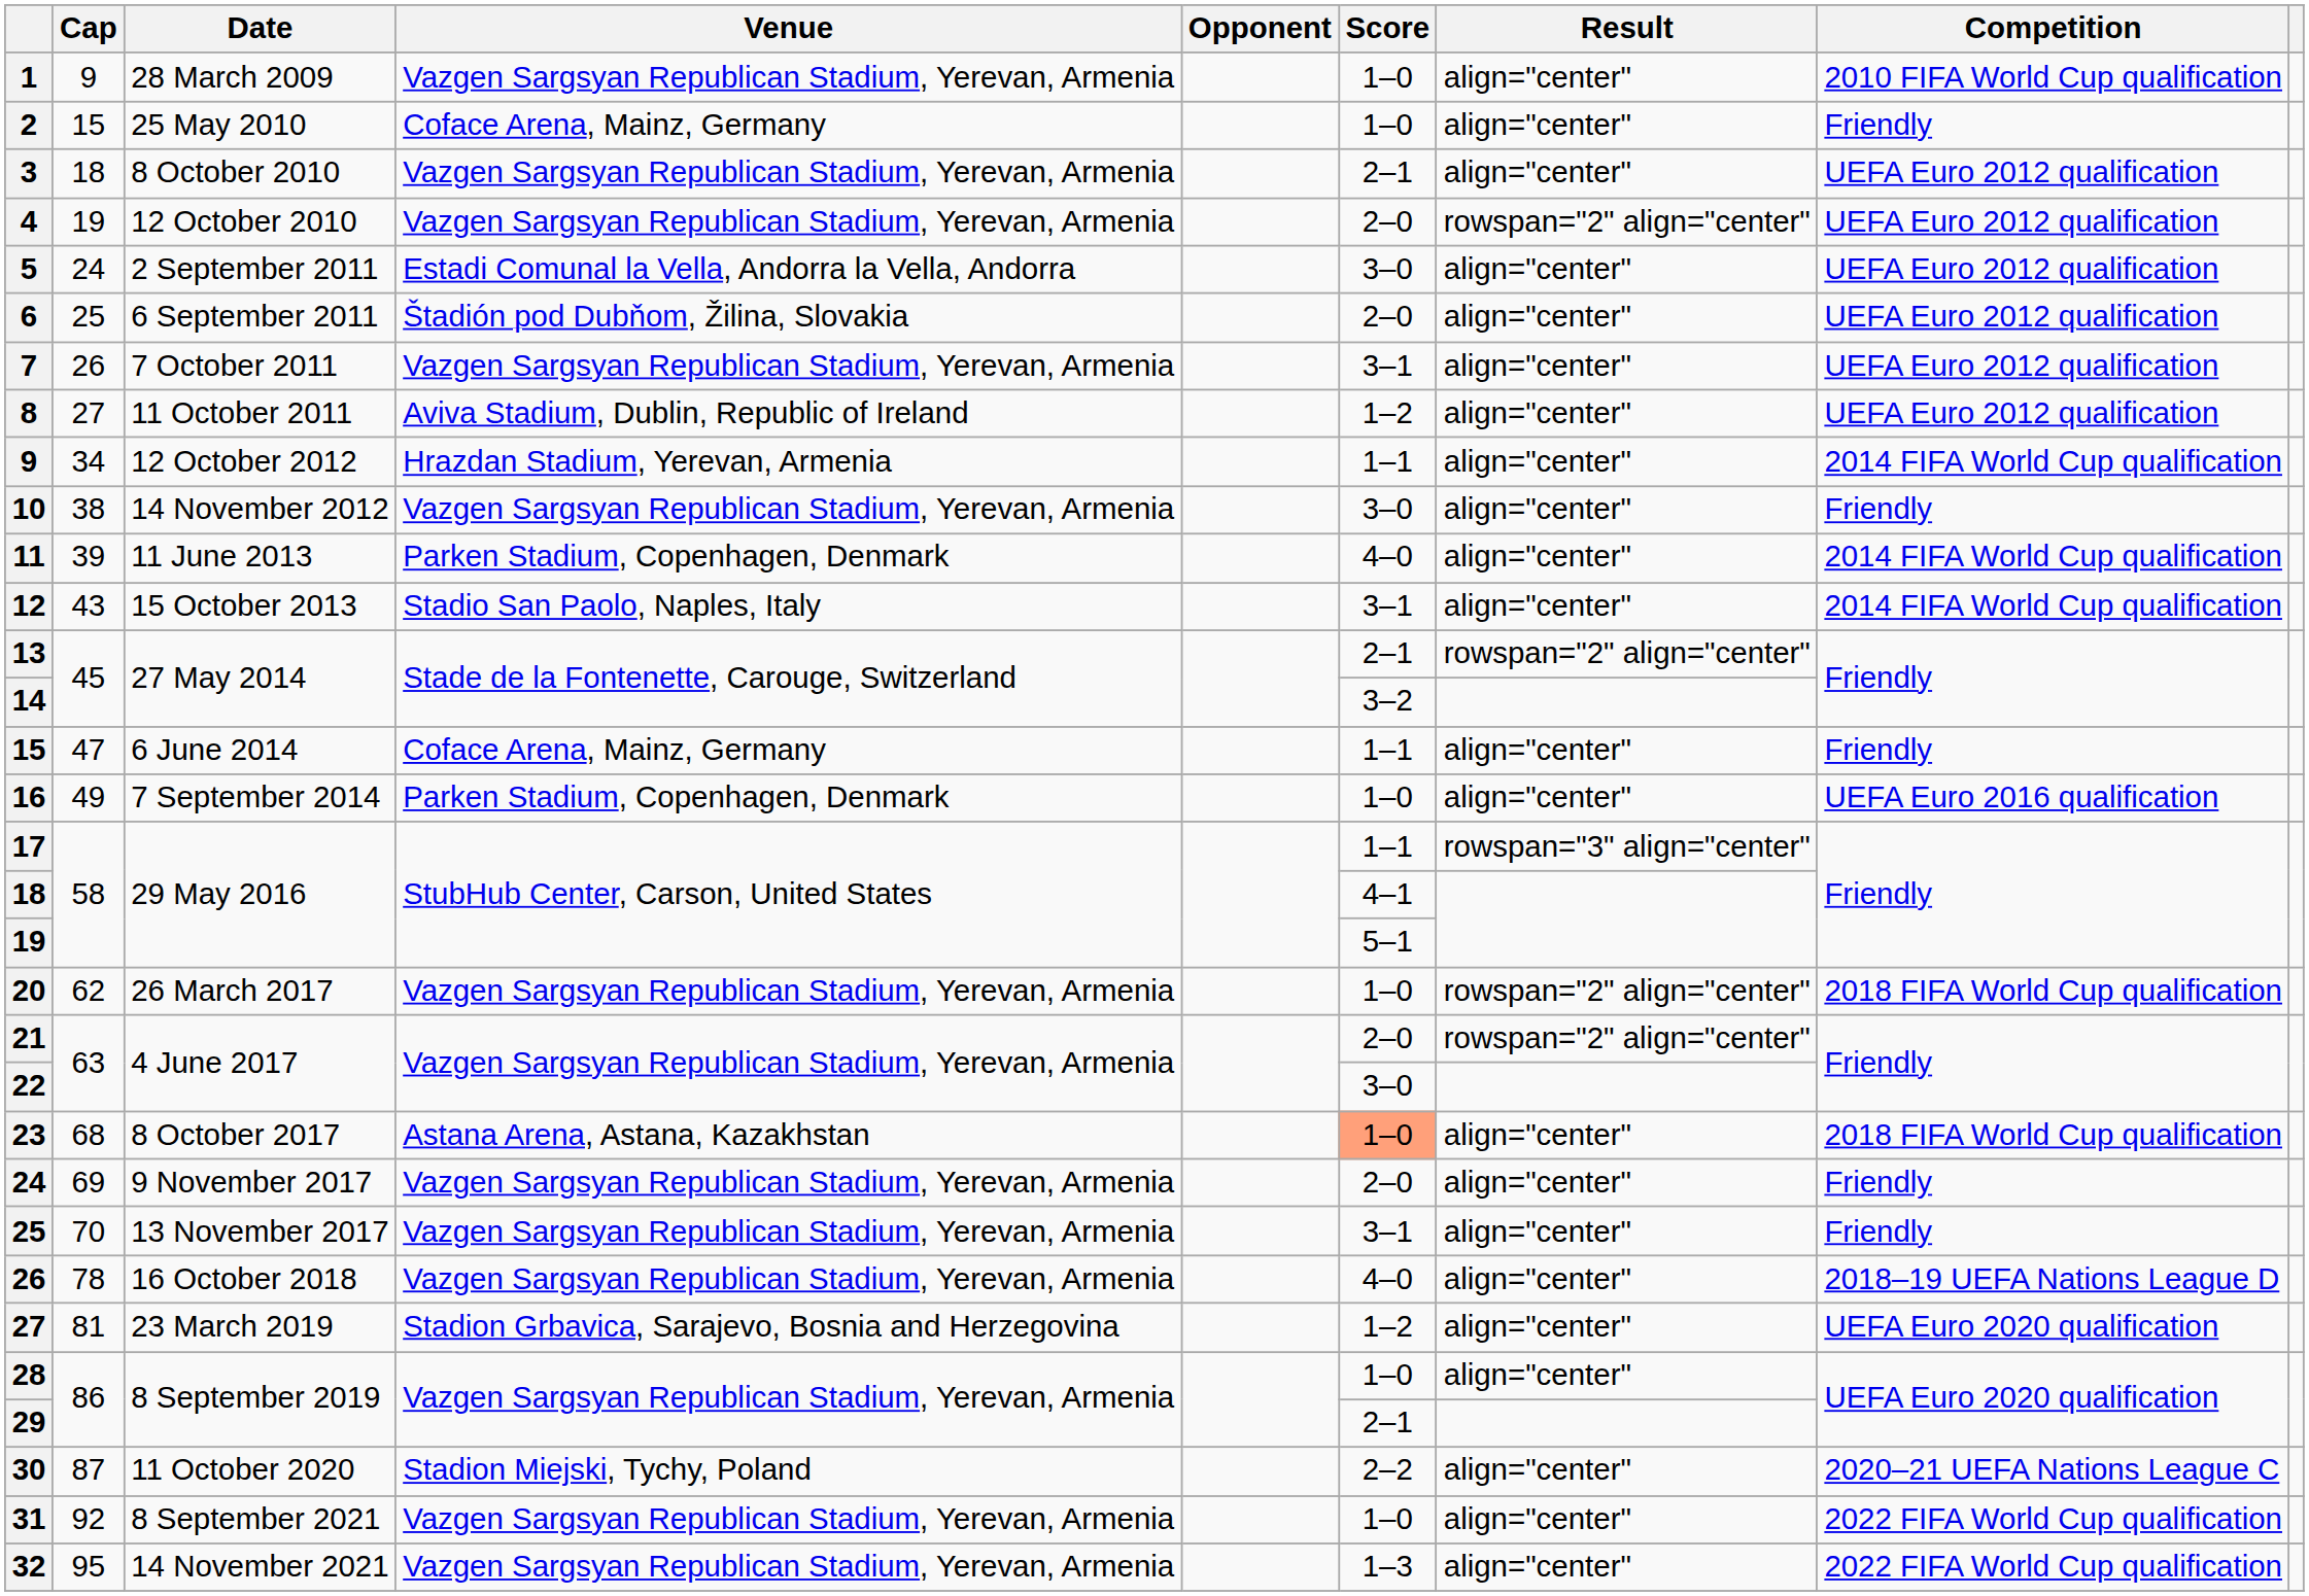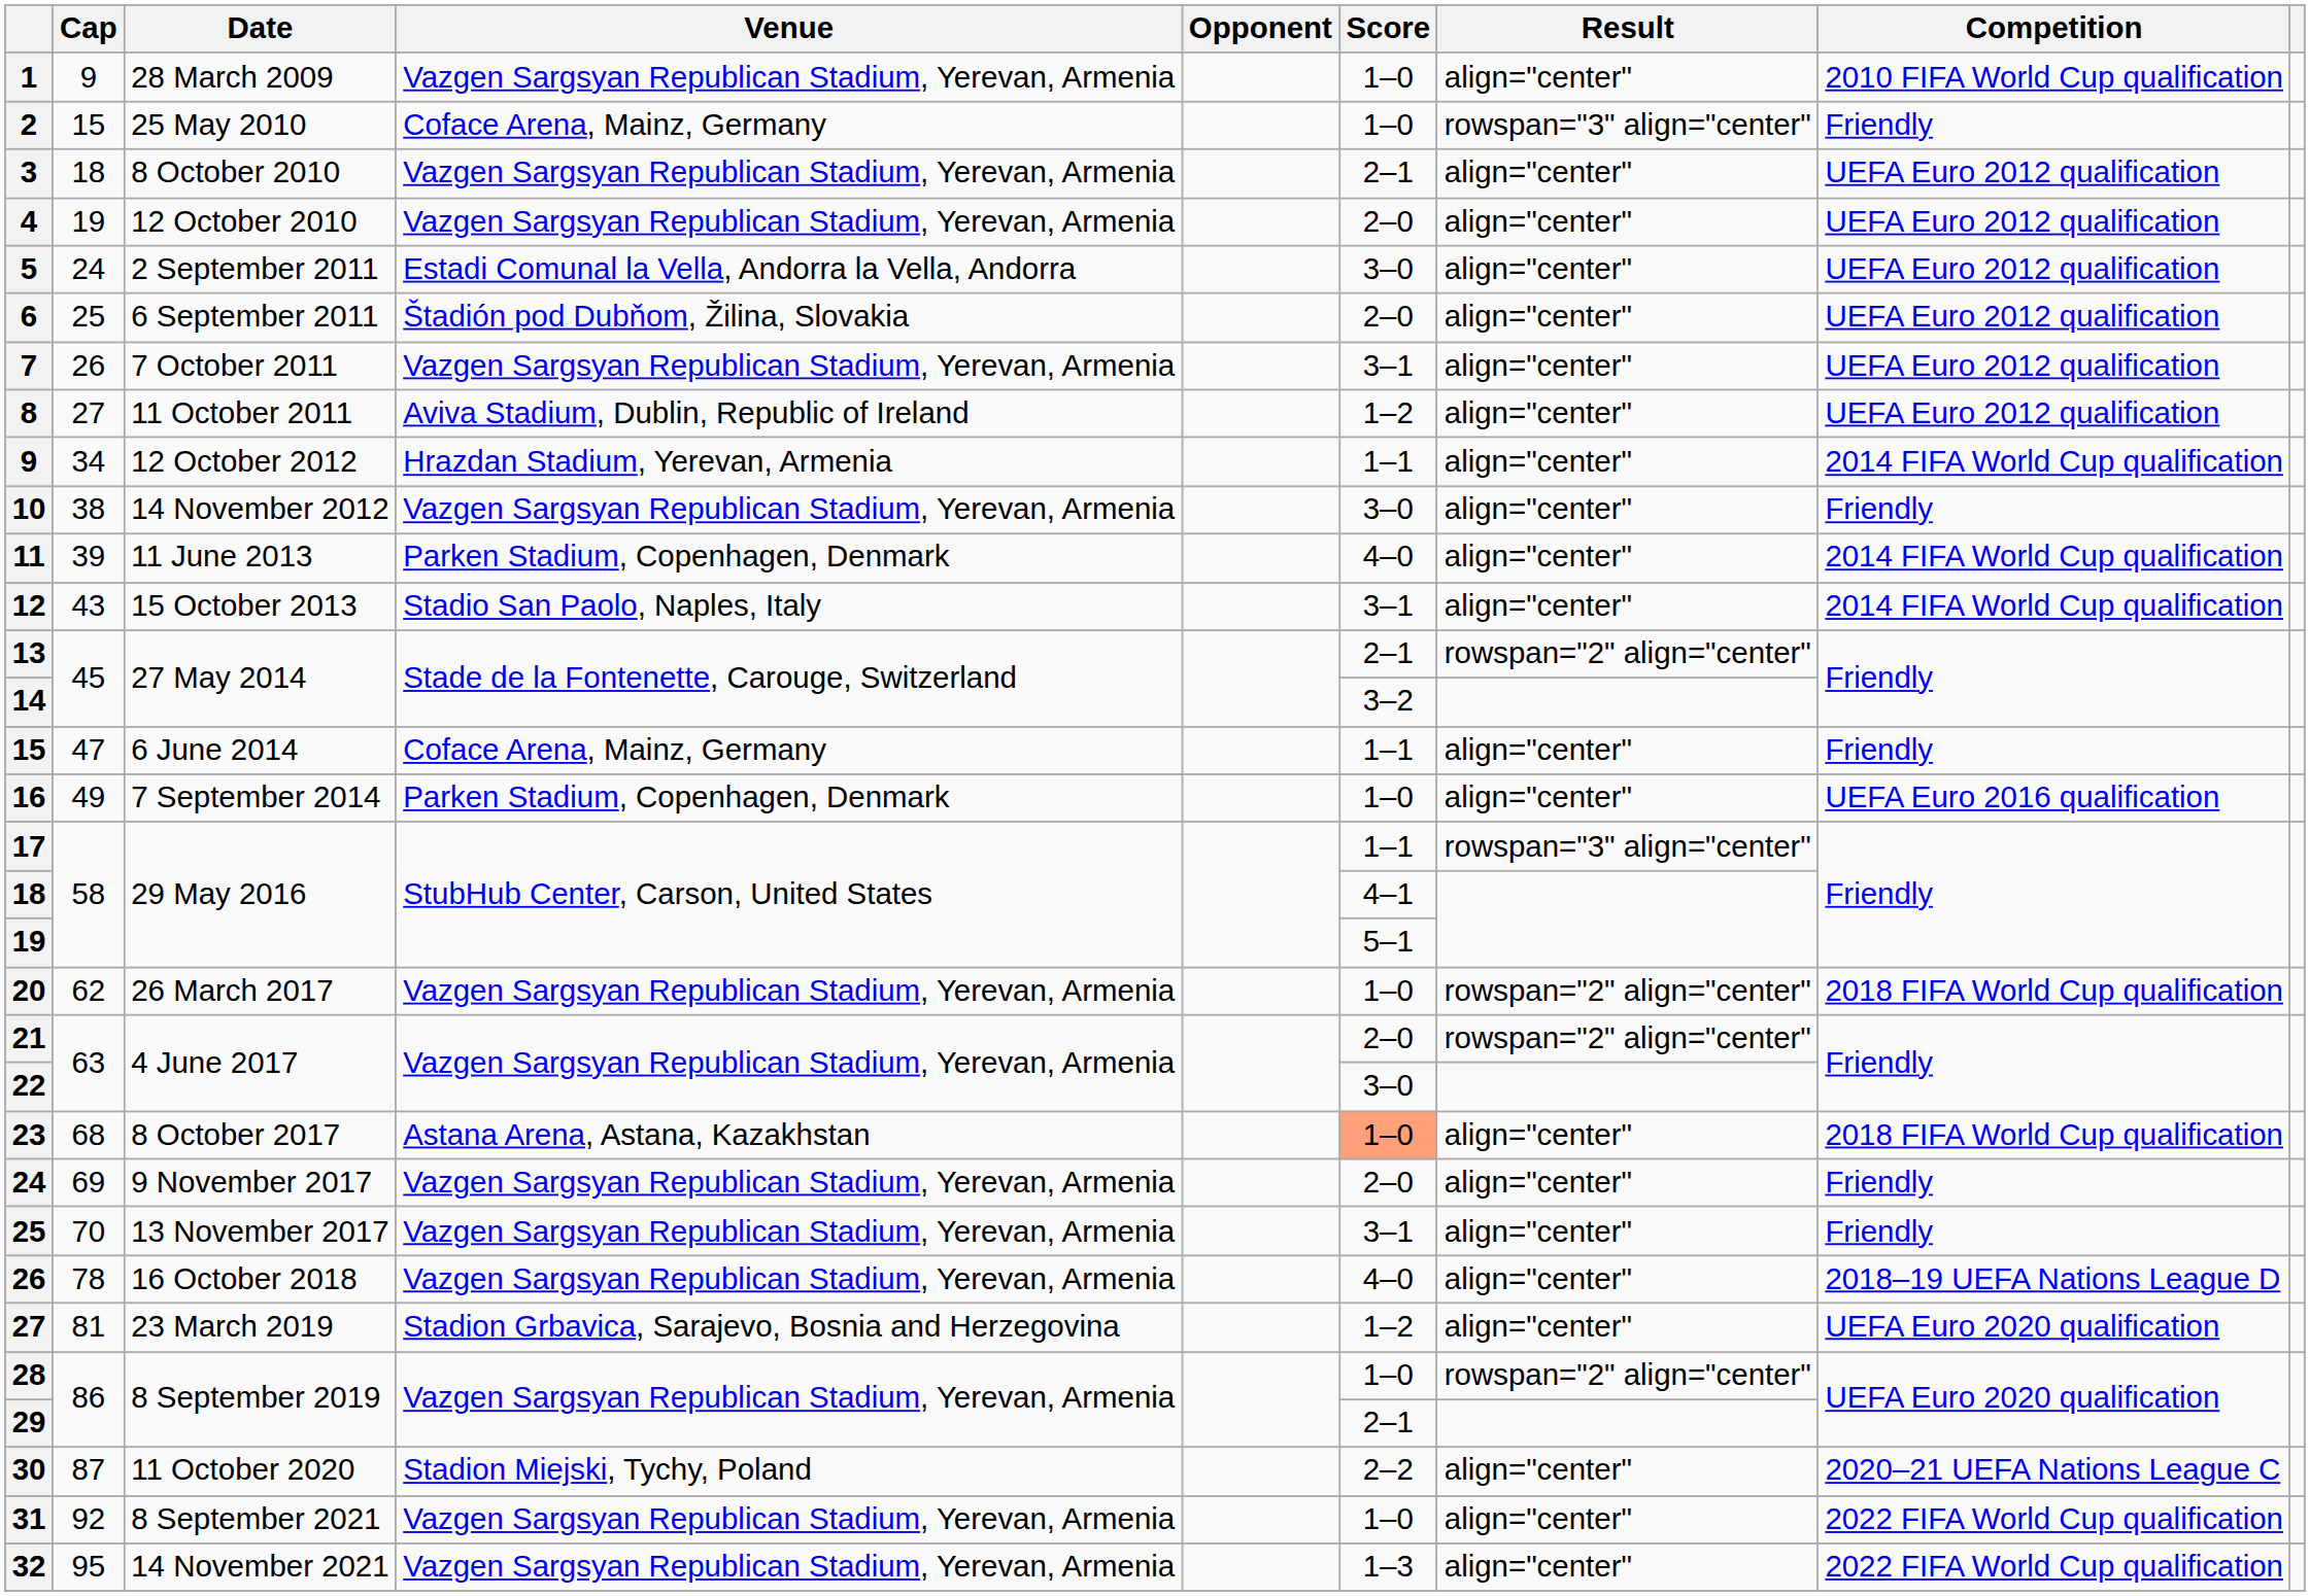 <table class="wikitable sortable">
 <tr>
 <th scope="col"></th>
 <th scope="col">Cap</th>
 <th scope="col">Date</th>
 <th scope="col">Venue</th>
 <th scope="col">Opponent</th>
 <th scope="col">Score</th>
 <th scope="col">Result</th>
 <th scope="col">Competition</th>
 <th class="unsortable"></th>
 </tr>
 <tr>
 <th scope="row">1</th>
 <td align="center">9</td>
 <td>28 March 2009</td>
 <td><a href='#'>Vazgen Sargsyan Republican Stadium</a>, Yerevan, Armenia</td>
 <td></td>
 <td align="center">1–0</td>
 <td>align="center" </td>
 <td><a href='#'>2010 FIFA World Cup qualification</a></td>
 <td></td>
 </tr>
 <tr>
 <th scope="row">2</th>
 <td align="center">15</td>
 <td>25 May 2010</td>
 <td><a href='#'>Coface Arena</a>, Mainz, Germany</td>
 <td></td>
 <td align="center">1–0</td>
-<td>align="center" </td>
+<td>rowspan="3" align="center" </td>
 <td><a href='#'>Friendly</a></td>
 <td></td>
 </tr>
 <tr>
 <th scope="row">3</th>
 <td align="center">18</td>
 <td>8 October 2010</td>
 <td><a href='#'>Vazgen Sargsyan Republican Stadium</a>, Yerevan, Armenia</td>
 <td></td>
 <td align="center">2–1</td>
 <td>align="center" </td>
 <td><a href='#'>UEFA Euro 2012 qualification</a></td>
 <td></td>
 </tr>
 <tr>
 <th scope="row">4</th>
 <td align="center">19</td>
 <td>12 October 2010</td>
 <td><a href='#'>Vazgen Sargsyan Republican Stadium</a>, Yerevan, Armenia</td>
 <td></td>
 <td align="center">2–0</td>
-<td>rowspan="2" align="center" </td>
+<td>align="center" </td>
 <td><a href='#'>UEFA Euro 2012 qualification</a></td>
 <td></td>
 </tr>
 <tr>
 <th scope="row">5</th>
 <td align="center">24</td>
 <td>2 September 2011</td>
 <td><a href='#'>Estadi Comunal la Vella</a>, Andorra la Vella, Andorra</td>
 <td></td>
 <td align="center">3–0</td>
 <td>align="center" </td>
 <td><a href='#'>UEFA Euro 2012 qualification</a></td>
 <td></td>
 </tr>
 <tr>
 <th scope="row">6</th>
 <td align="center">25</td>
 <td>6 September 2011</td>
 <td><a href='#'>Štadión pod Dubňom</a>, Žilina, Slovakia</td>
 <td></td>
 <td align="center">2–0</td>
 <td>align="center" </td>
 <td><a href='#'>UEFA Euro 2012 qualification</a></td>
 <td></td>
 </tr>
 <tr>
 <th scope="row">7</th>
 <td align="center">26</td>
 <td>7 October 2011</td>
 <td><a href='#'>Vazgen Sargsyan Republican Stadium</a>, Yerevan, Armenia</td>
 <td></td>
 <td align="center">3–1</td>
 <td>align="center" </td>
 <td><a href='#'>UEFA Euro 2012 qualification</a></td>
 <td></td>
 </tr>
 <tr>
 <th scope="row">8</th>
 <td align="center">27</td>
 <td>11 October 2011</td>
 <td><a href='#'>Aviva Stadium</a>, Dublin, Republic of Ireland</td>
 <td></td>
 <td align="center">1–2</td>
 <td>align="center" </td>
 <td><a href='#'>UEFA Euro 2012 qualification</a></td>
 <td></td>
 </tr>
 <tr>
 <th scope="row">9</th>
 <td align="center">34</td>
 <td>12 October 2012</td>
 <td><a href='#'>Hrazdan Stadium</a>, Yerevan, Armenia</td>
 <td></td>
 <td align="center">1–1</td>
 <td>align="center" </td>
 <td><a href='#'>2014 FIFA World Cup qualification</a></td>
 <td></td>
 </tr>
 <tr>
 <th scope="row">10</th>
 <td align="center">38</td>
 <td>14 November 2012</td>
 <td><a href='#'>Vazgen Sargsyan Republican Stadium</a>, Yerevan, Armenia</td>
 <td></td>
 <td align="center">3–0</td>
 <td>align="center" </td>
 <td><a href='#'>Friendly</a></td>
 <td></td>
 </tr>
 <tr>
 <th scope="row">11</th>
 <td align="center">39</td>
 <td>11 June 2013</td>
 <td><a href='#'>Parken Stadium</a>, Copenhagen, Denmark</td>
 <td></td>
 <td align="center">4–0</td>
 <td>align="center" </td>
 <td><a href='#'>2014 FIFA World Cup qualification</a></td>
 <td></td>
 </tr>
 <tr>
 <th scope="row">12</th>
 <td align="center">43</td>
 <td>15 October 2013</td>
 <td><a href='#'>Stadio San Paolo</a>, Naples, Italy</td>
 <td></td>
 <td align="center">3–1</td>
 <td>align="center" </td>
 <td><a href='#'>2014 FIFA World Cup qualification</a></td>
 <td></td>
 </tr>
 <tr>
 <th scope="row">13</th>
 <td rowspan="2" align="center">45</td>
 <td rowspan="2">27 May 2014</td>
 <td rowspan="2"><a href='#'>Stade de la Fontenette</a>, Carouge, Switzerland</td>
 <td rowspan="2"></td>
 <td align="center">2–1</td>
 <td>rowspan="2" align="center" </td>
 <td rowspan="2"><a href='#'>Friendly</a></td>
 <td rowspan="2"></td>
 </tr>
 <tr>
 <th scope="row">14</th>
 <td align="center">3–2</td>
 </tr>
 <tr>
 <th scope="row">15</th>
 <td align="center">47</td>
 <td>6 June 2014</td>
 <td><a href='#'>Coface Arena</a>, Mainz, Germany</td>
 <td></td>
 <td align="center">1–1</td>
 <td>align="center" </td>
 <td><a href='#'>Friendly</a></td>
 <td></td>
 </tr>
 <tr>
 <th scope="row">16</th>
 <td align="center">49</td>
 <td>7 September 2014</td>
 <td><a href='#'>Parken Stadium</a>, Copenhagen, Denmark</td>
 <td></td>
 <td align="center">1–0</td>
 <td>align="center" </td>
 <td><a href='#'>UEFA Euro 2016 qualification</a></td>
 <td></td>
 </tr>
 <tr>
 <th scope="row">17</th>
 <td rowspan="3" align="center">58</td>
 <td rowspan="3">29 May 2016</td>
 <td rowspan="3"><a href='#'>StubHub Center</a>, Carson, United States</td>
 <td rowspan="3"></td>
 <td align="center">1–1</td>
 <td>rowspan="3" align="center" </td>
 <td rowspan="3"><a href='#'>Friendly</a></td>
 <td rowspan="3"></td>
 </tr>
 <tr>
 <th scope="row">18</th>
 <td align="center">4–1</td>
 </tr>
 <tr>
 <th scope="row">19</th>
 <td align="center">5–1</td>
 </tr>
 <tr>
 <th scope="row">20</th>
 <td align="center">62</td>
 <td>26 March 2017</td>
 <td><a href='#'>Vazgen Sargsyan Republican Stadium</a>, Yerevan, Armenia</td>
 <td></td>
 <td align="center">1–0</td>
 <td>rowspan="2" align="center" </td>
 <td><a href='#'>2018 FIFA World Cup qualification</a></td>
 <td></td>
 </tr>
 <tr>
 <th scope="row">21</th>
 <td rowspan="2" align="center">63</td>
 <td rowspan="2">4 June 2017</td>
 <td rowspan="2"><a href='#'>Vazgen Sargsyan Republican Stadium</a>, Yerevan, Armenia</td>
 <td rowspan="2"></td>
 <td align="center">2–0</td>
 <td>rowspan="2" align="center" </td>
 <td rowspan="2"><a href='#'>Friendly</a></td>
 <td rowspan="2"></td>
 </tr>
 <tr>
 <th scope="row">22</th>
 <td align="center">3–0</td>
 </tr>
 <tr>
 <th scope="row">23</th>
 <td align="center">68</td>
 <td>8 October 2017</td>
 <td><a href='#'>Astana Arena</a>, Astana, Kazakhstan</td>
 <td></td>
 <td align="center" style="background: lightsalmon;">1–0</td>
 <td>align="center" </td>
 <td><a href='#'>2018 FIFA World Cup qualification</a></td>
 <td></td>
 </tr>
 <tr>
 <th scope="row">24</th>
 <td align="center">69</td>
 <td>9 November 2017</td>
 <td><a href='#'>Vazgen Sargsyan Republican Stadium</a>, Yerevan, Armenia</td>
 <td></td>
 <td align="center">2–0</td>
 <td>align="center" </td>
 <td><a href='#'>Friendly</a></td>
 <td></td>
 </tr>
 <tr>
 <th scope="row">25</th>
 <td align="center">70</td>
 <td>13 November 2017</td>
 <td><a href='#'>Vazgen Sargsyan Republican Stadium</a>, Yerevan, Armenia</td>
 <td></td>
 <td align="center">3–1</td>
 <td>align="center" </td>
 <td><a href='#'>Friendly</a></td>
 <td></td>
 </tr>
 <tr>
 <th scope="row">26</th>
 <td align="center">78</td>
 <td>16 October 2018</td>
 <td><a href='#'>Vazgen Sargsyan Republican Stadium</a>, Yerevan, Armenia</td>
 <td></td>
 <td align="center">4–0</td>
 <td>align="center" </td>
 <td><a href='#'>2018–19 UEFA Nations League D</a></td>
 <td></td>
 </tr>
 <tr>
 <th scope="row">27</th>
 <td align="center">81</td>
 <td>23 March 2019</td>
 <td><a href='#'>Stadion Grbavica</a>, Sarajevo, Bosnia and Herzegovina</td>
 <td></td>
 <td align="center">1–2</td>
 <td>align="center" </td>
 <td><a href='#'>UEFA Euro 2020 qualification</a></td>
 <td></td>
 </tr>
 <tr>
 <th scope="row">28</th>
 <td rowspan="2" align="center">86</td>
 <td rowspan="2">8 September 2019</td>
 <td rowspan="2"><a href='#'>Vazgen Sargsyan Republican Stadium</a>, Yerevan, Armenia</td>
 <td rowspan="2"></td>
 <td align="center">1–0</td>
-<td>align="center" </td>
+<td>rowspan="2" align="center" </td>
 <td rowspan="2"><a href='#'>UEFA Euro 2020 qualification</a></td>
 <td rowspan="2"></td>
 </tr>
 <tr>
 <th scope="row">29</th>
 <td align="center">2–1</td>
 </tr>
 <tr>
 <th scope="row">30</th>
 <td align="center">87</td>
 <td>11 October 2020</td>
 <td><a href='#'>Stadion Miejski</a>, Tychy, Poland</td>
 <td></td>
 <td align="center">2–2</td>
 <td>align="center" </td>
 <td><a href='#'>2020–21 UEFA Nations League C</a></td>
 <td></td>
 </tr>
 <tr>
 <th scope="row">31</th>
 <td align="center">92</td>
 <td>8 September 2021</td>
 <td><a href='#'>Vazgen Sargsyan Republican Stadium</a>, Yerevan, Armenia</td>
 <td></td>
 <td align="center">1–0</td>
 <td>align="center" </td>
 <td><a href='#'>2022 FIFA World Cup qualification</a></td>
 <td></td>
 </tr>
 <tr>
 <th scope="row">32</th>
 <td align="center">95</td>
 <td>14 November 2021</td>
 <td><a href='#'>Vazgen Sargsyan Republican Stadium</a>, Yerevan, Armenia</td>
 <td></td>
 <td align="center">1–3</td>
 <td>align="center" </td>
 <td><a href='#'>2022 FIFA World Cup qualification</a></td>
 <td></td>
 </tr>
 </table>
